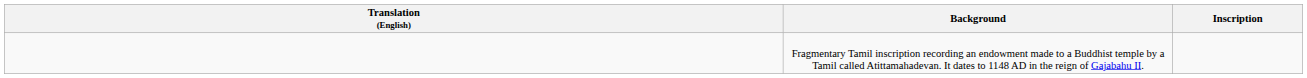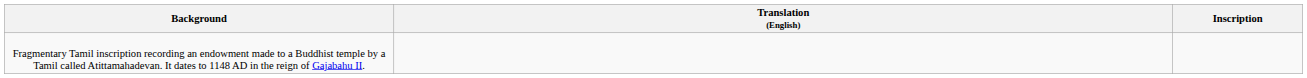 <table class="wikitable centre">
 <tr>
+<th scope="col" align=left>Background<br></th>
 <th>Translation<br><small>(English)</small></th>
-<th scope="col" align=left>Background<br></th>
 <th>Inscription<br></th>
 </tr>
 <tr>
+<td align=center width="30%"><br>Fragmentary Tamil inscription recording an endowment made to a Buddhist temple by a Tamil called Atittamahadevan. It dates to 1148 AD in the reign of <a href='#'>Gajabahu II</a>.</td>
 <td align=left><br></td>
-<td align=center width="30%"><br>Fragmentary Tamil inscription recording an endowment made to a Buddhist temple by a Tamil called Atittamahadevan. It dates to 1148 AD in the reign of <a href='#'>Gajabahu II</a>.</td>
 <td align=center width="10%"></td>
 </tr>
 </table>
